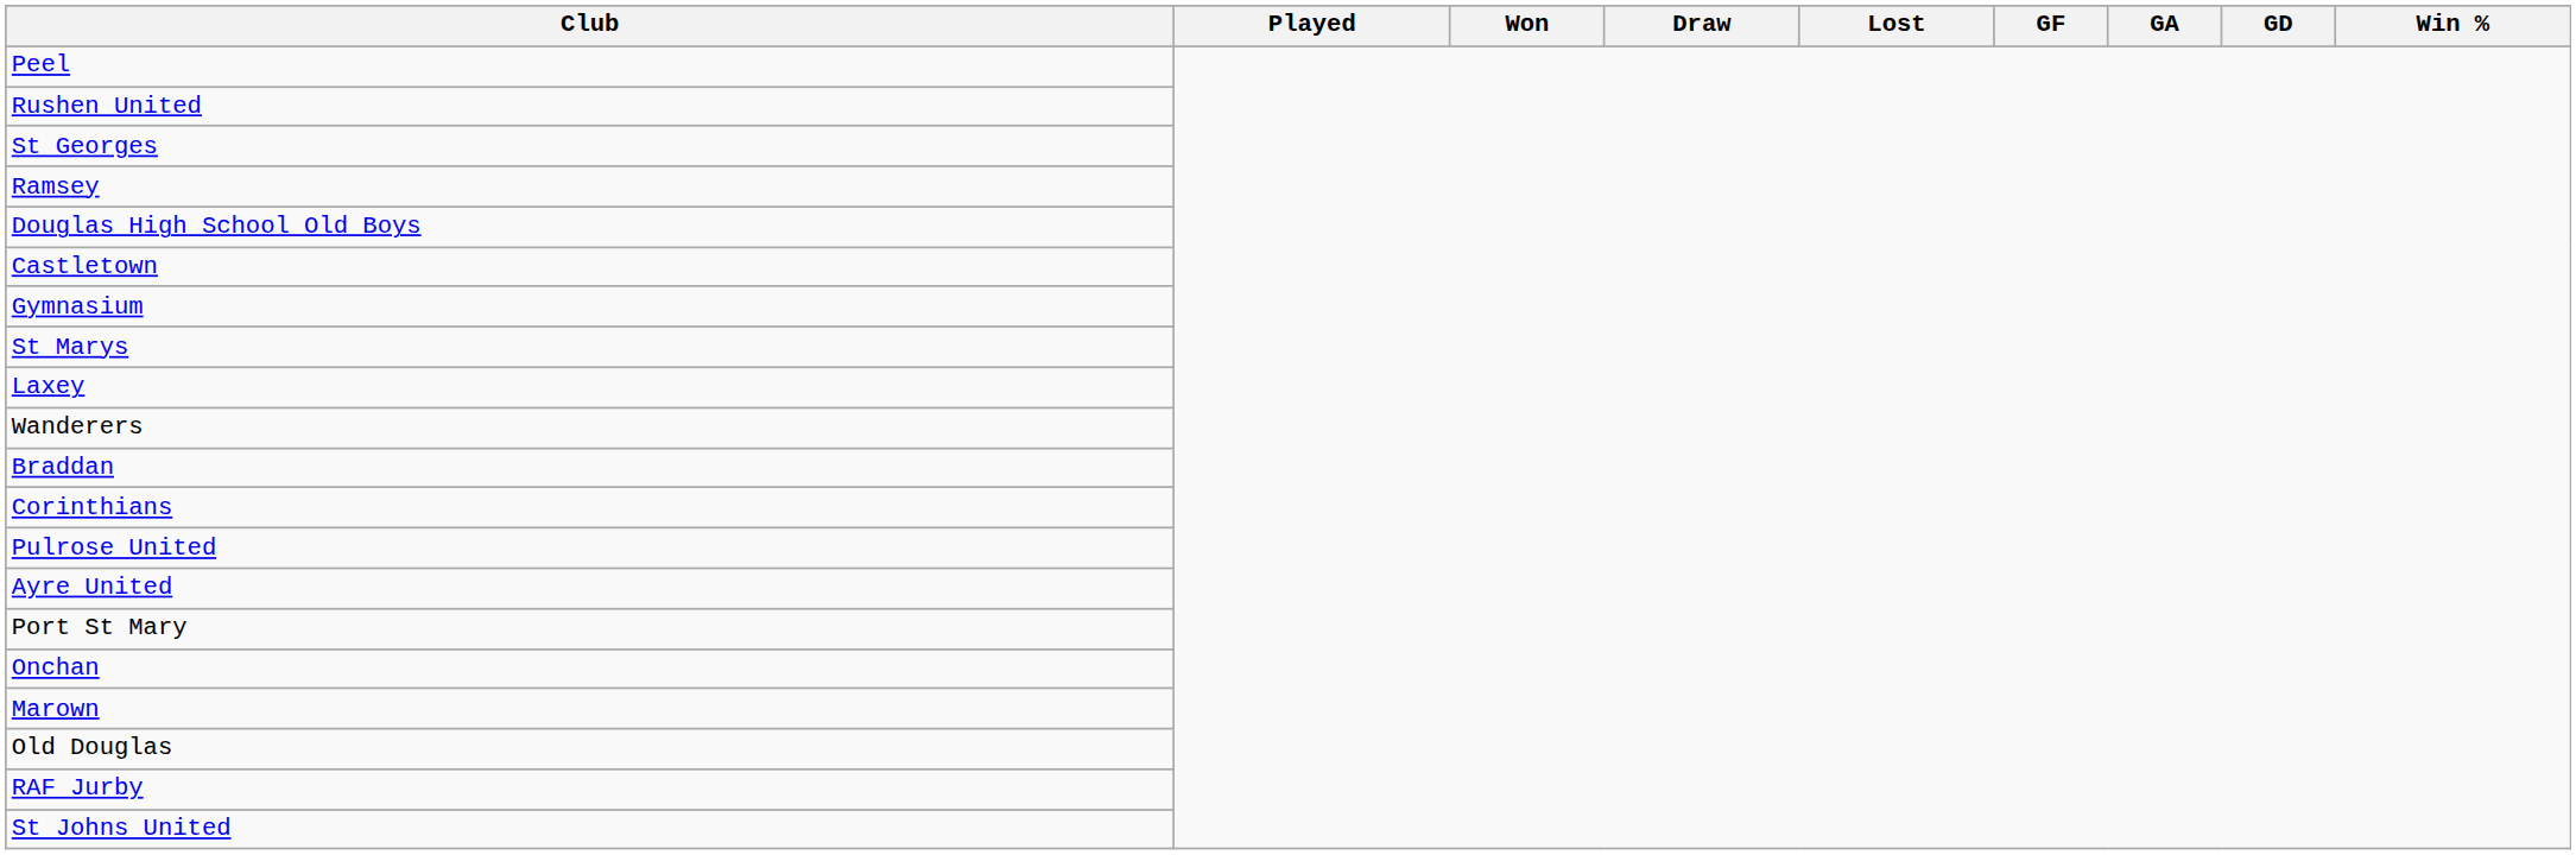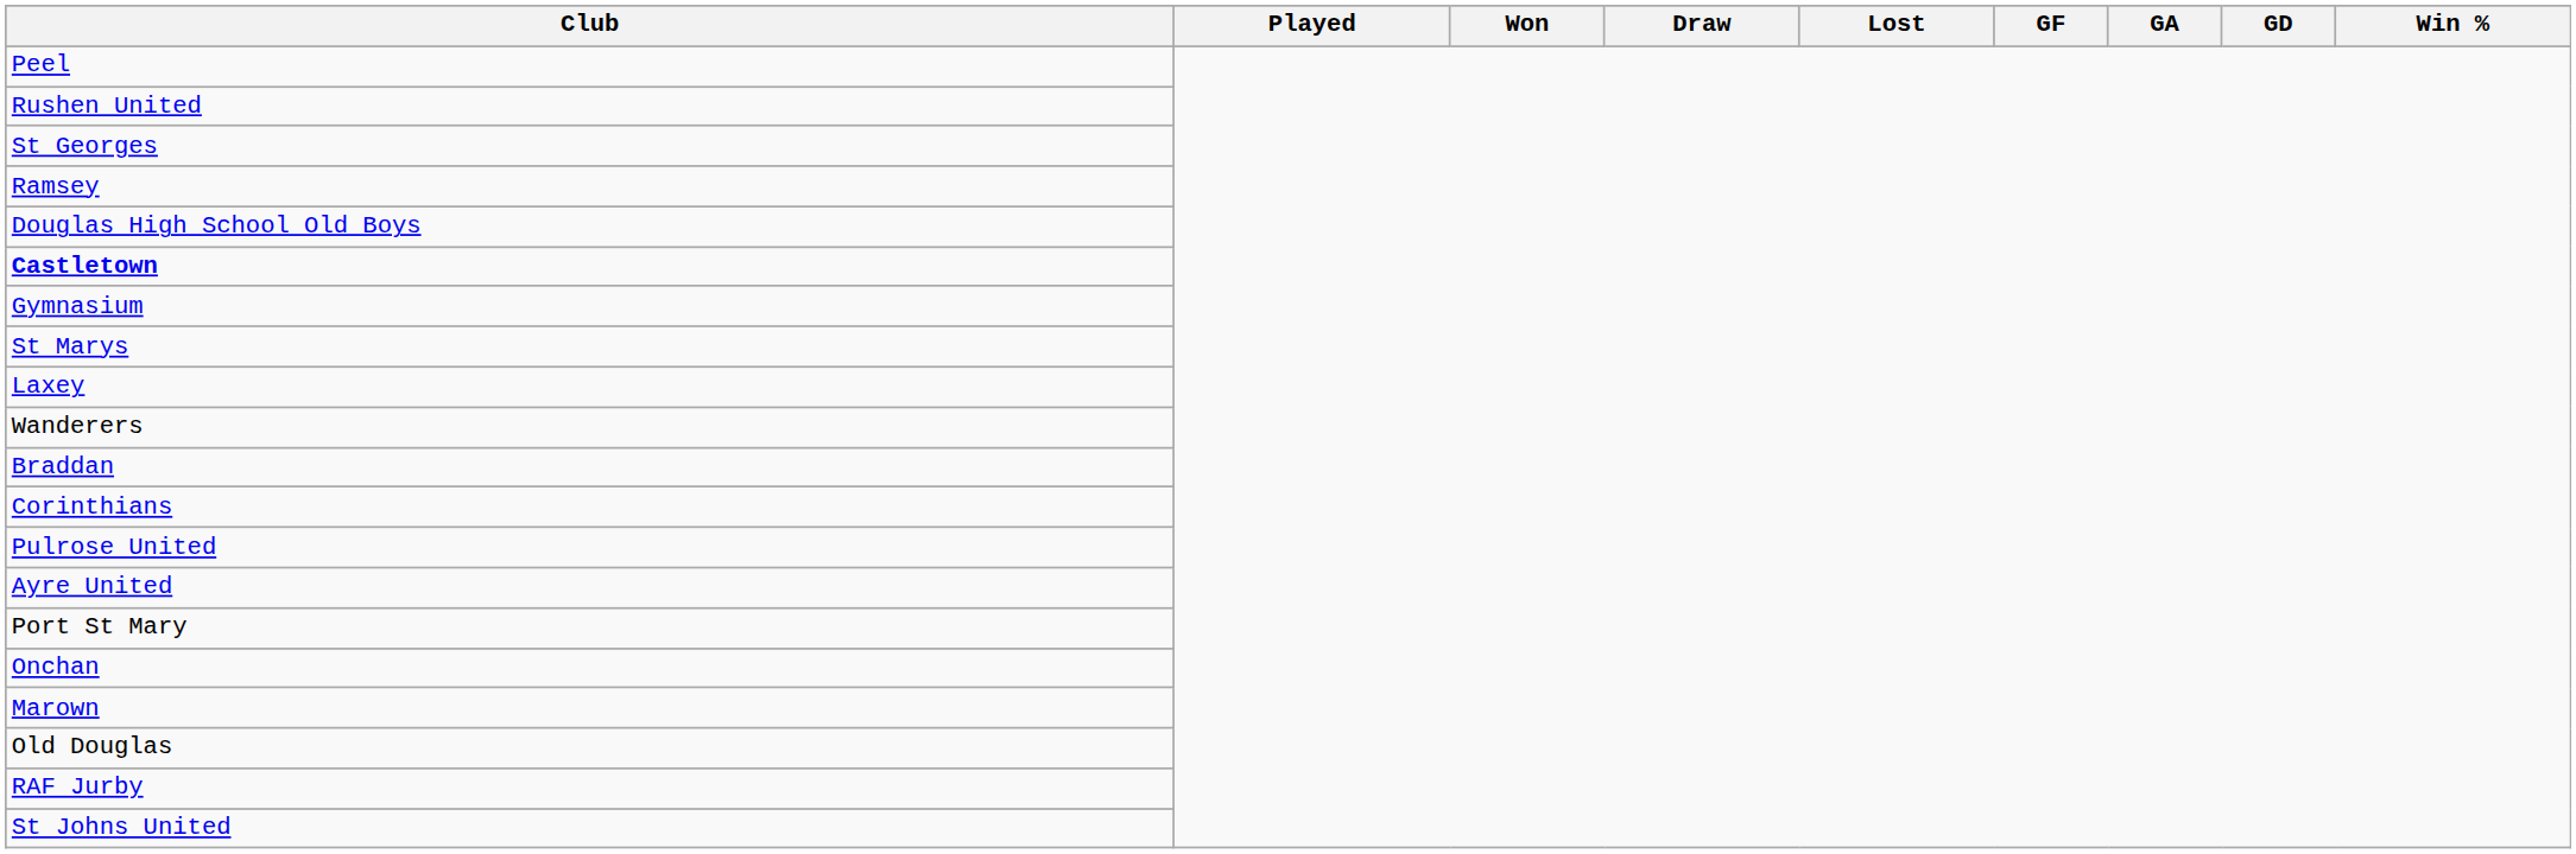 <table class="wikitable sortable" style="text-align: center; width: 100%; font-size: 12px">
 <tr>
 <th>Club</th>
 <th>Played</th>
 <th>Won</th>
 <th>Draw</th>
 <th>Lost</th>
 <th>GF</th>
 <th>GA</th>
 <th>GD</th>
 <th>Win %</th>
 </tr>
 <tr>
 <td style="text-align: left"><a href='#'>Peel</a><br></td>
 </tr>
 <tr>
 <td style="text-align: left"><a href='#'>Rushen United</a><br></td>
 </tr>
 <tr>
 <td style="text-align: left"><a href='#'>St Georges</a><br></td>
 </tr>
 <tr>
 <td style="text-align: left"><a href='#'>Ramsey</a><br></td>
 </tr>
 <tr>
 <td style="text-align: left"><a href='#'>Douglas High School Old Boys</a><br></td>
 </tr>
 <tr>
-<td style="text-align: left"><a href='#'>Castletown</a><br></td>
+<td style="text-align: left"><strong><a href='#'>Castletown</a><br></strong></td>
 </tr>
 <tr>
 <td style="text-align: left"><a href='#'>Gymnasium</a><br></td>
 </tr>
 <tr>
 <td style="text-align: left"><a href='#'>St Marys</a><br></td>
 </tr>
 <tr>
 <td style="text-align: left"><a href='#'>Laxey</a><br></td>
 </tr>
 <tr>
 <td style="text-align: left">Wanderers<br></td>
 </tr>
 <tr>
 <td style="text-align: left"><a href='#'>Braddan</a><br></td>
 </tr>
 <tr>
 <td style="text-align: left"><a href='#'>Corinthians</a><br></td>
 </tr>
 <tr>
 <td style="text-align: left"><a href='#'>Pulrose United</a><br></td>
 </tr>
 <tr>
 <td style="text-align: left"><a href='#'>Ayre United</a><br></td>
 </tr>
 <tr>
 <td style="text-align: left">Port St Mary<br></td>
 </tr>
 <tr>
 <td style="text-align: left"><a href='#'>Onchan</a><br></td>
 </tr>
 <tr>
 <td style="text-align: left"><a href='#'>Marown</a><br></td>
 </tr>
 <tr>
 <td style="text-align: left">Old Douglas<br></td>
 </tr>
 <tr>
 <td style="text-align: left"><a href='#'>RAF Jurby</a><br></td>
 </tr>
 <tr>
 <td style="text-align: left"><a href='#'>St Johns United</a><br></td>
 </tr>
 </table>
